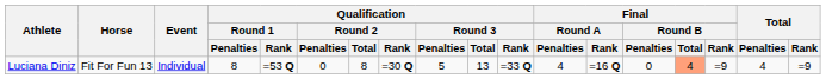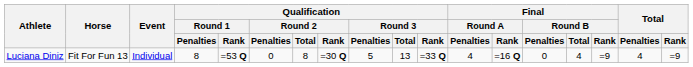 <table class="wikitable" style="font-size:90%">
 <tr>
 <th rowspan="3">Athlete</th>
 <th rowspan="3">Horse</th>
 <th rowspan="3">Event</th>
 <th colspan="8">Qualification</th>
 <th colspan="5">Final</th>
 <th rowspan=2 colspan="2">Total</th>
 </tr>
 <tr style="font-size:95%">
 <th colspan="2">Round 1</th>
 <th colspan="3">Round 2</th>
 <th colspan="3">Round 3</th>
 <th colspan="2">Round A</th>
 <th colspan="3">Round B</th>
 </tr>
 <tr style="font-size:95%">
 <th>Penalties</th>
 <th>Rank</th>
 <th>Penalties</th>
 <th>Total</th>
 <th>Rank</th>
 <th>Penalties</th>
 <th>Total</th>
 <th>Rank</th>
 <th>Penalties</th>
 <th>Rank</th>
 <th>Penalties</th>
 <th>Total</th>
 <th>Rank</th>
 <th>Penalties</th>
 <th>Rank</th>
 </tr>
 <tr align=center>
 <td align=left><a href='#'>Luciana Diniz</a></td>
 <td align=left>Fit For Fun 13</td>
 <td align=left><a href='#'>Individual</a></td>
 <td>8</td>
 <td>=53 <strong>Q</strong></td>
 <td>0</td>
 <td>8</td>
 <td>=30 <strong>Q</strong></td>
 <td>5</td>
 <td>13</td>
 <td>=33 <strong>Q</strong></td>
 <td>4</td>
 <td>=16 <strong>Q</strong></td>
 <td>0</td>
-<td style="background: lightsalmon;">4</td>
+<td>4</td>
 <td>=9</td>
 <td>4</td>
 <td>=9</td>
 </tr>
 </table>
